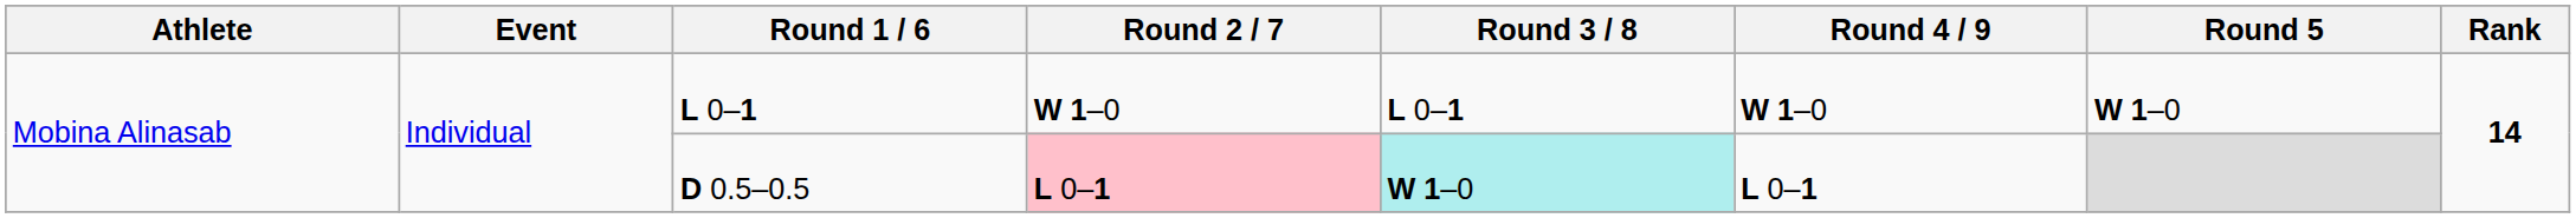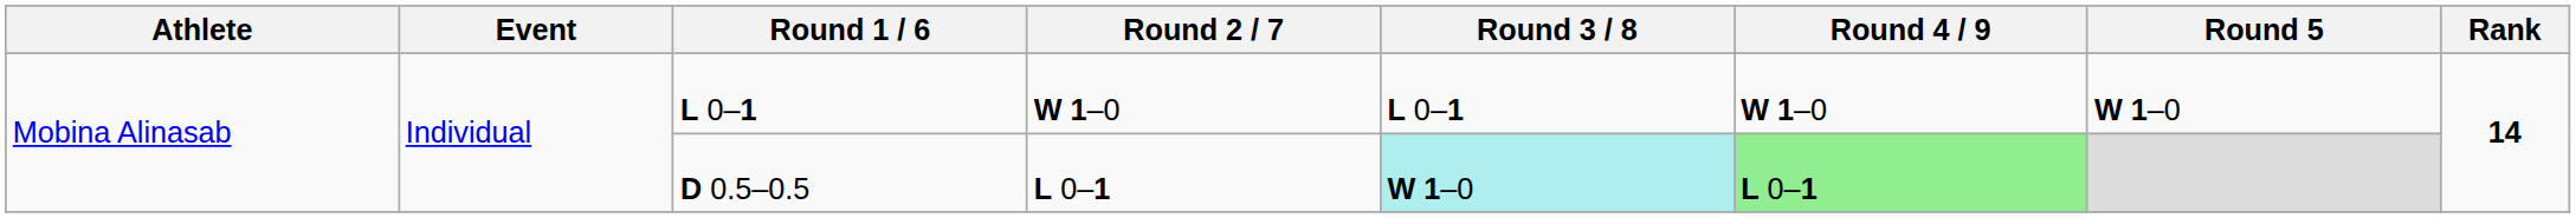 <table class="wikitable" width="98%" style="text-align:left; font-size:90%">
 <tr>
 <th width="10%">Athlete</th>
 <th width="7%">Event</th>
 <th width="9%">Round 1 / 6</th>
 <th width="9%">Round 2 / 7</th>
 <th width="9%">Round 3 / 8</th>
 <th width="9%">Round 4 / 9</th>
 <th width="9%">Round 5</th>
 <th width="3%">Rank</th>
 </tr>
 <tr>
 <td rowspan=2><a href='#'>Mobina Alinasab</a></td>
 <td rowspan=2><a href='#'>Individual</a></td>
 <td><br><strong>L</strong> 0–<strong>1</strong></td>
 <td><br><strong>W</strong> <strong>1</strong>–0</td>
 <td><br><strong>L</strong> 0–<strong>1</strong></td>
 <td><br><strong>W</strong> <strong>1</strong>–0</td>
 <td><br><strong>W</strong> <strong>1</strong>–0</td>
 <td rowspan=2 align=center><strong>14</strong></td>
 </tr>
 <tr>
 <td><br><strong>D</strong> 0.5–0.5</td>
-<td style="background: pink;"><br><strong>L</strong> 0–<strong>1</strong></td>
+<td><br><strong>L</strong> 0–<strong>1</strong></td>
 <td style="background: paleturquoise;"><br><strong>W</strong> <strong>1</strong>–0</td>
-<td><br><strong>L</strong> 0–<strong>1</strong></td>
+<td style="background: lightgreen;"><br><strong>L</strong> 0–<strong>1</strong></td>
 <td bgcolor=#DCDCDC></td>
 </tr>
 </table>
